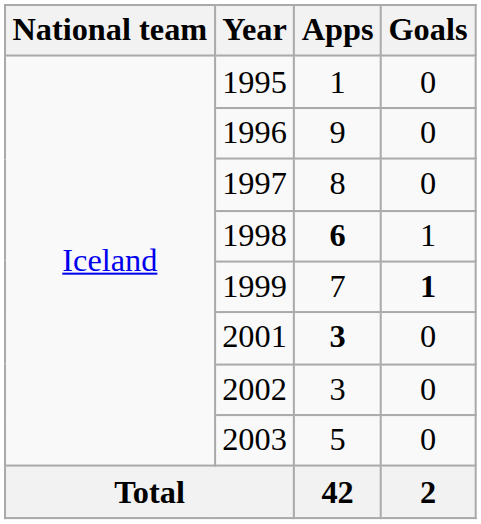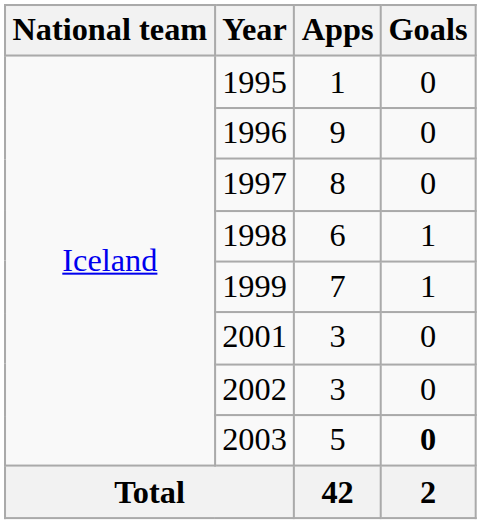 <table class=wikitable style="text-align: center">
 <tr>
 <th>National team</th>
 <th>Year</th>
 <th>Apps</th>
 <th>Goals</th>
 </tr>
 <tr>
 <td rowspan=8><a href='#'>Iceland</a></td>
 <td>1995</td>
 <td>1</td>
 <td>0</td>
 </tr>
 <tr>
 <td>1996</td>
 <td>9</td>
 <td>0</td>
 </tr>
 <tr>
 <td>1997</td>
 <td>8</td>
 <td>0</td>
 </tr>
 <tr>
 <td>1998</td>
-<td><strong>6</strong></td>
+<td>6</td>
 <td>1</td>
 </tr>
 <tr>
 <td>1999</td>
 <td>7</td>
-<td><strong>1</strong></td>
+<td>1</td>
 </tr>
 <tr>
 <td>2001</td>
-<td><strong>3</strong></td>
+<td>3</td>
 <td>0</td>
 </tr>
 <tr>
 <td>2002</td>
 <td>3</td>
 <td>0</td>
 </tr>
 <tr>
 <td>2003</td>
 <td>5</td>
-<td>0</td>
+<td><strong>0</strong></td>
 </tr>
 <tr>
 <th colspan=2>Total</th>
 <th>42</th>
 <th>2</th>
 </tr>
 </table>
